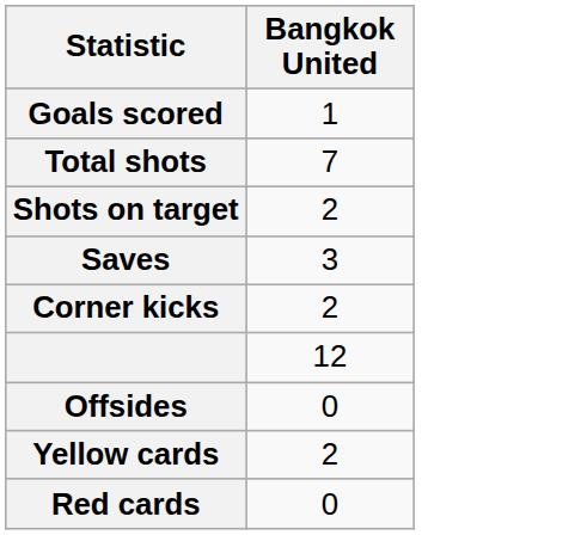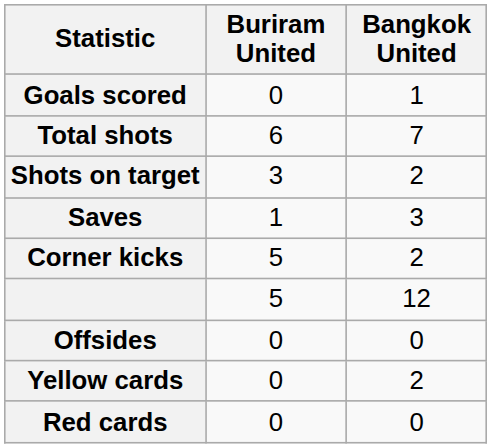 <table class="wikitable plainrowheaders" style="text-align:center">
 <tr>
 <th scope="col">Statistic</th>
+<th scope="col" style="width:80px">Buriram United</th>
 <th scope="col" style="width:80px">Bangkok United</th>
 </tr>
 <tr>
 <th scope=row>Goals scored</th>
+<td>0</td>
 <td>1</td>
 </tr>
 <tr>
 <th scope=row>Total shots</th>
+<td>6</td>
 <td>7</td>
 </tr>
 <tr>
 <th scope=row>Shots on target</th>
+<td>3</td>
 <td>2</td>
 </tr>
 <tr>
 <th scope=row>Saves</th>
+<td>1</td>
 <td>3</td>
 </tr>
 <tr>
 <th scope=row>Corner kicks</th>
+<td>5</td>
 <td>2</td>
 </tr>
 <tr>
 <th scope=row></th>
+<td>5</td>
 <td>12</td>
 </tr>
 <tr>
 <th scope=row>Offsides</th>
 <td>0</td>
+<td>0</td>
 </tr>
 <tr>
 <th scope=row>Yellow cards</th>
+<td>0</td>
 <td>2</td>
 </tr>
 <tr>
 <th scope=row>Red cards</th>
 <td>0</td>
+<td>0</td>
 </tr>
 </table>
